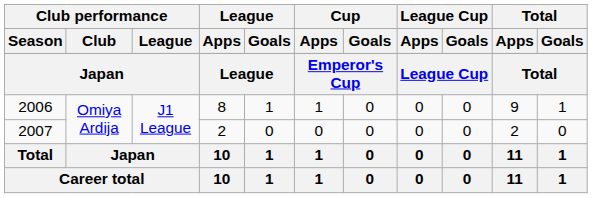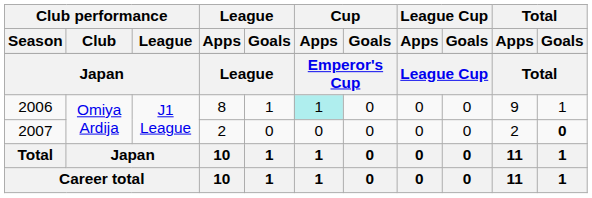 <table class="wikitable" style="text-align:center">
 <tr>
 <th colspan=3>Club performance</th>
 <th colspan=2>League</th>
 <th colspan=2>Cup</th>
 <th colspan=2>League Cup</th>
 <th colspan=2>Total</th>
 </tr>
 <tr>
 <th>Season</th>
 <th>Club</th>
 <th>League</th>
 <th>Apps</th>
 <th>Goals</th>
 <th>Apps</th>
 <th>Goals</th>
 <th>Apps</th>
 <th>Goals</th>
 <th>Apps</th>
 <th>Goals</th>
 </tr>
 <tr>
 </tr>
 <tr>
 <th colspan=3>Japan</th>
 <th colspan=2>League</th>
 <th colspan=2><a href='#'>Emperor's Cup</a></th>
 <th colspan=2><a href='#'>League Cup</a></th>
 <th colspan=2>Total</th>
 </tr>
 <tr>
 <td>2006</td>
 <td rowspan="2"><a href='#'>Omiya Ardija</a></td>
 <td rowspan="2"><a href='#'>J1 League</a></td>
 <td>8</td>
 <td>1</td>
-<td>1</td>
+<td style="background: paleturquoise;">1</td>
 <td>0</td>
 <td>0</td>
 <td>0</td>
 <td>9</td>
 <td>1</td>
 </tr>
 <tr>
 <td>2007</td>
 <td>2</td>
 <td>0</td>
 <td>0</td>
 <td>0</td>
 <td>0</td>
 <td>0</td>
 <td>2</td>
-<td>0</td>
+<td><strong>0</strong></td>
 </tr>
 <tr>
 <th rowspan=1>Total</th>
 <th colspan=2>Japan</th>
 <th>10</th>
 <th>1</th>
 <th>1</th>
 <th>0</th>
 <th>0</th>
 <th>0</th>
 <th>11</th>
 <th>1</th>
 </tr>
 <tr>
 <th colspan=3>Career total</th>
 <th>10</th>
 <th>1</th>
 <th>1</th>
 <th>0</th>
 <th>0</th>
 <th>0</th>
 <th>11</th>
 <th>1</th>
 </tr>
 </table>
